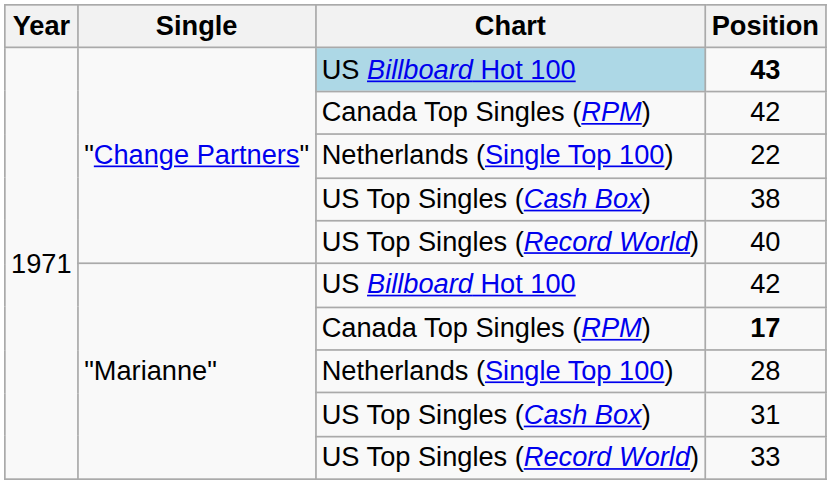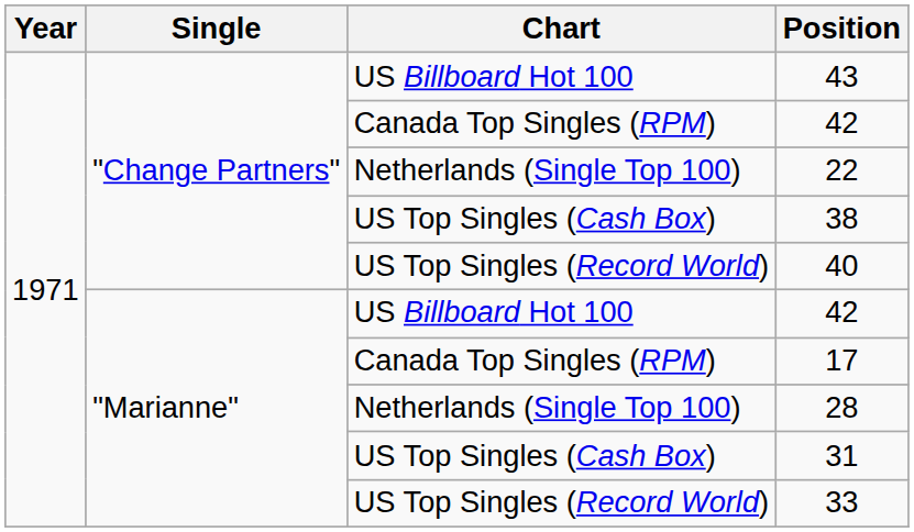 <table class="wikitable">
 <tr>
 <th>Year</th>
 <th>Single</th>
 <th>Chart</th>
 <th>Position</th>
 </tr>
 <tr>
 <td rowspan="10">1971</td>
 <td rowspan="5">"<a href='#'>Change Partners</a>"</td>
-<td style="background: lightblue;">US <a href='#'><em>Billboard</em> Hot 100</a></td>
-<td align=center><strong>43</strong></td>
+<td>US <a href='#'><em>Billboard</em> Hot 100</a></td>
+<td align=center>43</td>
 </tr>
 <tr>
 <td>Canada Top Singles (<em><a href='#'>RPM</a></em>)</td>
 <td align=center>42</td>
 </tr>
 <tr>
 <td>Netherlands (<a href='#'>Single Top 100</a>)</td>
 <td align=center>22</td>
 </tr>
 <tr>
 <td>US Top Singles (<em><a href='#'>Cash Box</a></em>)</td>
 <td align=center>38</td>
 </tr>
 <tr>
 <td>US Top Singles (<em><a href='#'>Record World</a></em>) </td>
 <td align=center>40</td>
 </tr>
 <tr>
 <td rowspan="5">"Marianne"</td>
 <td>US <a href='#'><em>Billboard</em> Hot 100</a></td>
 <td align=center>42</td>
 </tr>
 <tr>
 <td>Canada Top Singles (<em><a href='#'>RPM</a></em>)</td>
-<td align=center><strong>17</strong></td>
+<td align=center>17</td>
 </tr>
 <tr>
 <td>Netherlands (<a href='#'>Single Top 100</a>)</td>
 <td align=center>28</td>
 </tr>
 <tr>
 <td>US Top Singles (<em><a href='#'>Cash Box</a></em>)</td>
 <td align=center>31</td>
 </tr>
 <tr>
 <td>US Top Singles (<em><a href='#'>Record World</a></em>) </td>
 <td align=center>33</td>
 </tr>
 </table>
